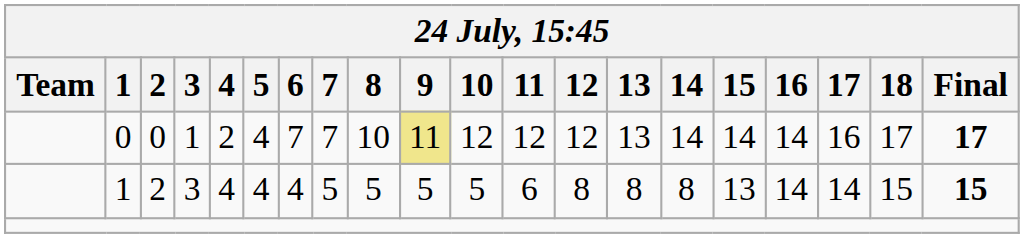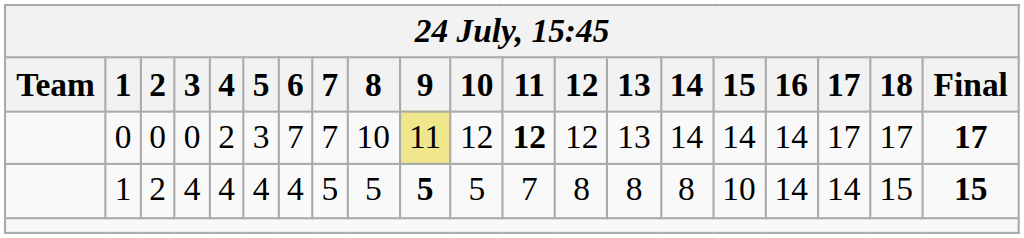 <table class=wikitable style="text-align:center; width: 55%">
 <tr>
 <th colspan=20><em>24 July, 15:45</em></th>
 </tr>
 <tr>
 <th>Team</th>
 <th>1</th>
 <th>2</th>
 <th>3</th>
 <th>4</th>
 <th>5</th>
 <th>6</th>
 <th>7</th>
 <th>8</th>
 <th>9</th>
 <th>10</th>
 <th>11</th>
 <th>12</th>
 <th>13</th>
 <th>14</th>
 <th>15</th>
 <th>16</th>
 <th>17</th>
 <th>18</th>
 <th>Final</th>
 </tr>
 <tr>
 <td align=left><strong></strong></td>
 <td>0</td>
 <td>0</td>
-<td>1</td>
+<td>0</td>
 <td>2</td>
-<td>4</td>
+<td>3</td>
 <td>7</td>
 <td>7</td>
 <td>10</td>
 <td style="background: khaki;">11</td>
 <td>12</td>
-<td>12</td>
+<td><strong>12</strong></td>
 <td>12</td>
 <td>13</td>
 <td>14</td>
 <td>14</td>
 <td>14</td>
-<td>16</td>
+<td>17</td>
 <td>17</td>
 <td><strong>17</strong></td>
 </tr>
 <tr>
 <td align=left></td>
 <td>1</td>
 <td>2</td>
-<td>3</td>
+<td>4</td>
 <td>4</td>
 <td>4</td>
 <td>4</td>
 <td>5</td>
 <td>5</td>
+<td><strong>5</strong></td>
 <td>5</td>
-<td>5</td>
-<td>6</td>
+<td>7</td>
 <td>8</td>
 <td>8</td>
 <td>8</td>
-<td>13</td>
+<td>10</td>
 <td>14</td>
 <td>14</td>
 <td>15</td>
 <td><strong>15</strong></td>
 </tr>
 <tr>
 <td colspan=20></td>
 </tr>
 </table>
